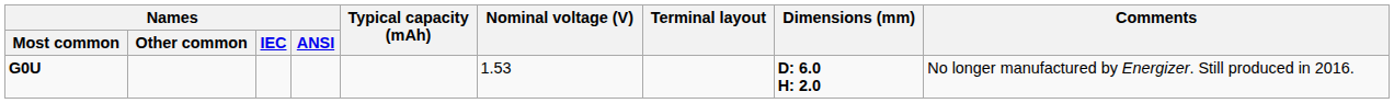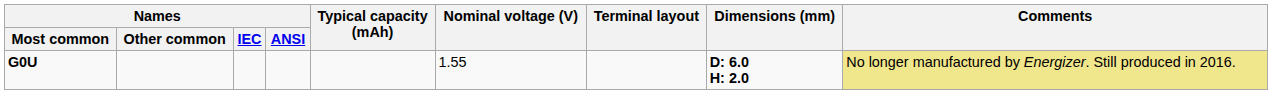 <table class=wikitable  style="width:100%; font-size:90%">
 <tr valign=top>
 <th colspan=4>Names</th>
 <th rowspan=2>Typical capacity <br>(mAh)</th>
 <th rowspan=2>Nominal voltage (V)</th>
 <th rowspan=2>Terminal layout</th>
 <th rowspan=2>Dimen­sions (mm)</th>
 <th rowspan=2>Comments</th>
 </tr>
 <tr>
 <th>Most common</th>
 <th>Other common</th>
 <th><a href='#'>IEC</a></th>
 <th><a href='#'>ANSI</a></th>
 </tr>
 <tr valign=top>
 <td><strong>G0U</strong></td>
 <td></td>
 <td></td>
 <td></td>
 <td></td>
-<td>1.53</td>
+<td>1.55</td>
 <td></td>
 <td><strong>D: 6.0<br>H: 2.0</strong></td>
-<td>No longer manufactured by <em>Energizer</em>. Still produced in 2016.</td>
+<td style="background: khaki;">No longer manufactured by <em>Energizer</em>. Still produced in 2016.</td>
 </tr>
 </table>
